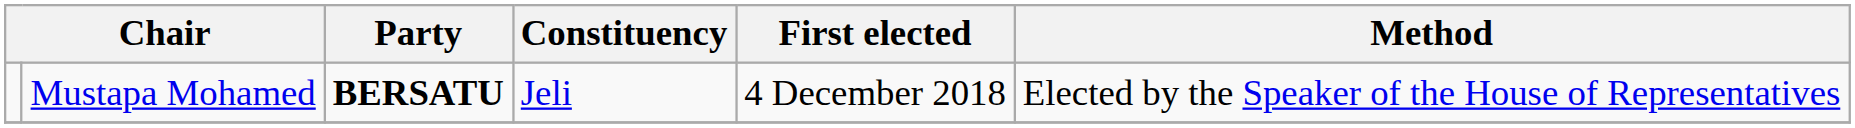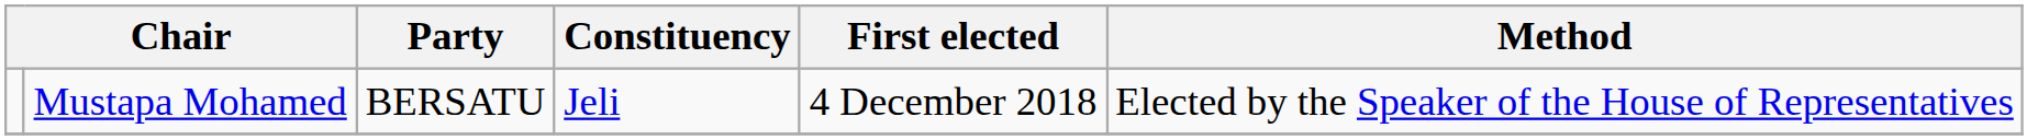 <table class="wikitable">
 <tr>
 <th colspan="2">Chair</th>
 <th>Party</th>
 <th>Constituency</th>
 <th>First elected</th>
 <th>Method</th>
 </tr>
 <tr>
 <td style="background-color: "></td>
 <td><a href='#'>Mustapa Mohamed</a></td>
-<td><strong>BERSATU</strong></td>
+<td>BERSATU</td>
 <td><a href='#'>Jeli</a></td>
 <td>4 December 2018</td>
 <td>Elected by the <a href='#'>Speaker of the House of Representatives</a></td>
 </tr>
 <tr>
 </tr>
 </table>
